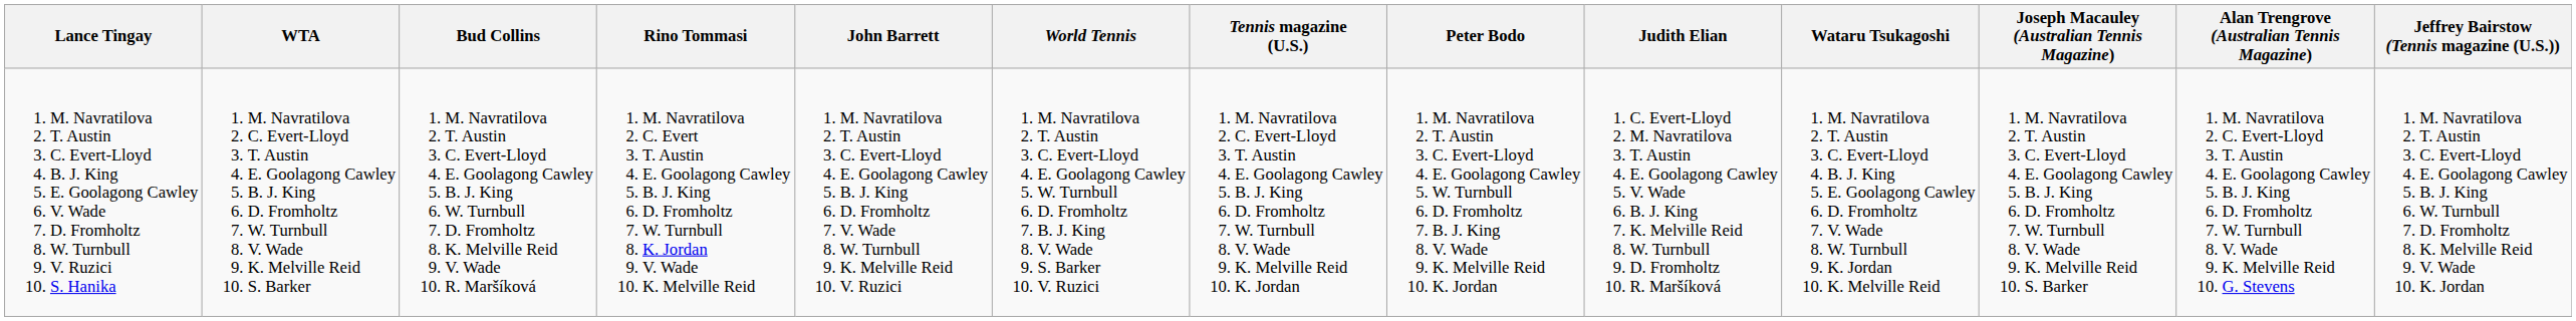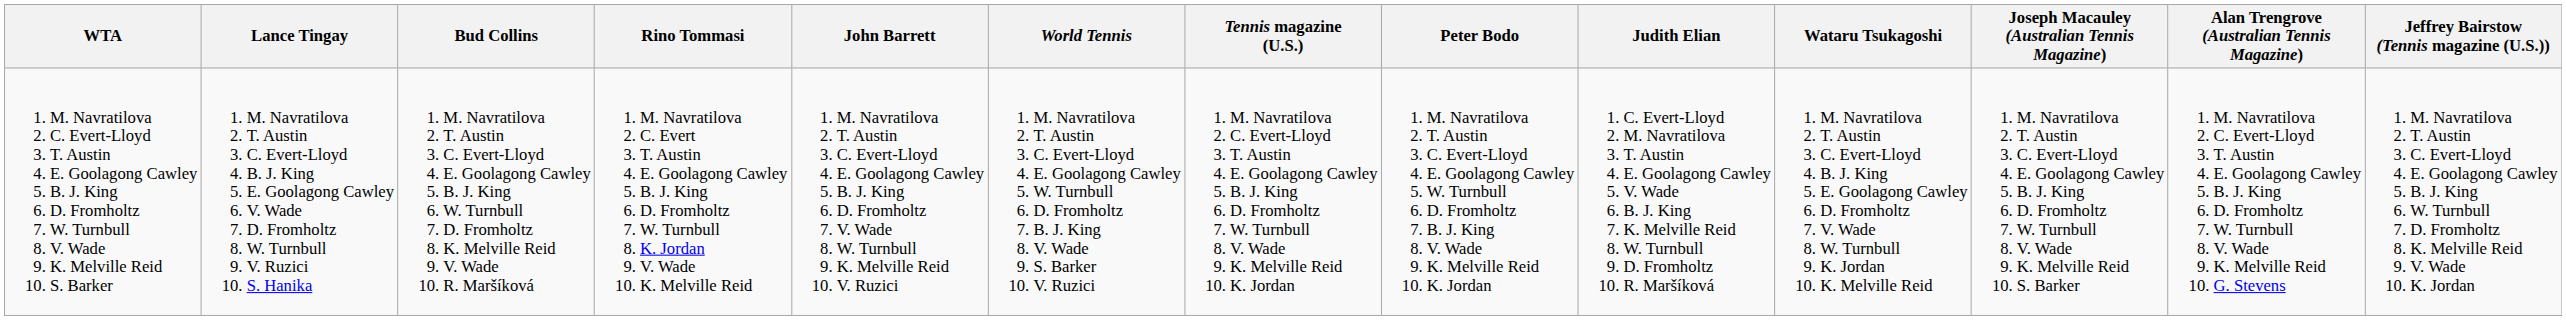 <table class="wikitable">
 <tr>
+<th>WTA</th>
 <th>Lance Tingay</th>
-<th>WTA</th>
 <th>Bud Collins</th>
 <th>Rino Tommasi</th>
 <th>John Barrett</th>
 <th><em>World Tennis</em></th>
 <th><em>Tennis</em> magazine<br> (U.S.)</th>
 <th>Peter Bodo</th>
 <th>Judith Elian</th>
 <th>Wataru Tsukagoshi</th>
 <th>Joseph Macauley<br><em>(Australian Tennis Magazine</em>)</th>
 <th>Alan Trengrove<br><em>(Australian Tennis Magazine</em>)</th>
 <th>Jeffrey Bairstow<br><em>(Tennis</em> magazine (U.S.))</th>
 </tr>
 <tr style="vertical-align: top;">
+<td style="white-space: nowrap;"><br><ol><li> M. Navratilova</li><li> C. Evert-Lloyd</li><li> T. Austin</li><li> E. Goolagong Cawley</li><li> B. J. King</li><li> D. Fromholtz</li><li> W. Turnbull</li><li> V. Wade</li><li> K. Melville Reid</li><li> S. Barker</li></ol></td>
 <td style="white-space: nowrap;"><br><ol><li> M. Navratilova</li><li> T. Austin</li><li> C. Evert-Lloyd</li><li> B. J. King</li><li> E. Goolagong Cawley</li><li> V. Wade</li><li> D. Fromholtz</li><li> W. Turnbull</li><li> V. Ruzici</li><li> <a href='#'>S. Hanika</a></li></ol></td>
-<td style="white-space: nowrap;"><br><ol><li> M. Navratilova</li><li> C. Evert-Lloyd</li><li> T. Austin</li><li> E. Goolagong Cawley</li><li> B. J. King</li><li> D. Fromholtz</li><li> W. Turnbull</li><li> V. Wade</li><li> K. Melville Reid</li><li> S. Barker</li></ol></td>
 <td style="white-space: nowrap;"><br><ol><li> M. Navratilova</li><li> T. Austin</li><li> C. Evert-Lloyd</li><li> E. Goolagong Cawley</li><li> B. J. King</li><li> W. Turnbull</li><li> D. Fromholtz</li><li> K. Melville Reid</li><li> V. Wade</li><li> R. Maršíková</li></ol></td>
 <td style="white-space: nowrap;"><br><ol><li> M. Navratilova</li><li> C. Evert</li><li> T. Austin</li><li> E. Goolagong Cawley</li><li> B. J. King</li><li> D. Fromholtz</li><li> W. Turnbull</li><li> <a href='#'>K. Jordan</a></li><li> V. Wade</li><li> K. Melville Reid</li></ol></td>
 <td style="white-space: nowrap;"><br><ol><li> M. Navratilova</li><li> T. Austin</li><li> C. Evert-Lloyd</li><li> E. Goolagong Cawley</li><li> B. J. King</li><li> D. Fromholtz</li><li> V. Wade</li><li> W. Turnbull</li><li> K. Melville Reid</li><li> V. Ruzici</li></ol></td>
 <td style="white-space: nowrap;"><br><ol><li> M. Navratilova</li><li> T. Austin</li><li> C. Evert-Lloyd</li><li> E. Goolagong Cawley</li><li> W. Turnbull</li><li> D. Fromholtz</li><li> B. J. King</li><li> V. Wade</li><li> S. Barker</li><li> V. Ruzici</li></ol></td>
 <td style="white-space: nowrap;"><br><ol><li> M. Navratilova</li><li> C. Evert-Lloyd</li><li> T. Austin</li><li> E. Goolagong Cawley</li><li> B. J. King</li><li> D. Fromholtz</li><li> W. Turnbull</li><li> V. Wade</li><li> K. Melville Reid</li><li> K. Jordan</li></ol></td>
 <td style="white-space: nowrap;"><br><ol><li> M. Navratilova</li><li> T. Austin</li><li> C. Evert-Lloyd</li><li> E. Goolagong Cawley</li><li> W. Turnbull</li><li> D. Fromholtz</li><li> B. J. King</li><li> V. Wade</li><li> K. Melville Reid</li><li> K. Jordan</li></ol></td>
 <td style="white-space: nowrap;"><br><ol><li> C. Evert-Lloyd</li><li> M. Navratilova</li><li> T. Austin</li><li> E. Goolagong Cawley</li><li> V. Wade</li><li> B. J. King</li><li> K. Melville Reid</li><li> W. Turnbull</li><li> D. Fromholtz</li><li> R. Maršíková</li></ol></td>
 <td style="white-space: nowrap;"><br><ol><li> M. Navratilova</li><li> T. Austin</li><li> C. Evert-Lloyd</li><li> B. J. King</li><li> E. Goolagong Cawley</li><li> D. Fromholtz</li><li> V. Wade</li><li> W. Turnbull</li><li> K. Jordan</li><li> K. Melville Reid</li></ol></td>
 <td style="white-space: nowrap;"><br><ol><li> M. Navratilova</li><li> T. Austin</li><li> C. Evert-Lloyd</li><li> E. Goolagong Cawley</li><li> B. J. King</li><li> D. Fromholtz</li><li> W. Turnbull</li><li> V. Wade</li><li> K. Melville Reid</li><li> S. Barker</li></ol></td>
 <td style="white-space: nowrap;"><br><ol><li> M. Navratilova</li><li> C. Evert-Lloyd</li><li> T. Austin</li><li> E. Goolagong Cawley</li><li> B. J. King</li><li> D. Fromholtz</li><li> W. Turnbull</li><li> V. Wade</li><li> K. Melville Reid</li><li> <a href='#'>G. Stevens</a></li></ol></td>
 <td style="white-space: nowrap;"><br><ol><li> M. Navratilova</li><li> T. Austin</li><li> C. Evert-Lloyd</li><li> E. Goolagong Cawley</li><li> B. J. King</li><li> W. Turnbull</li><li> D. Fromholtz</li><li> K. Melville Reid</li><li> V. Wade</li><li> K. Jordan</li></ol></td>
 </tr>
 </table>
